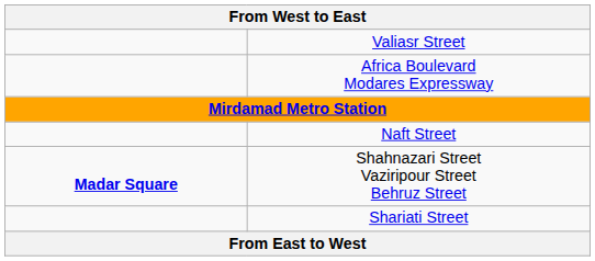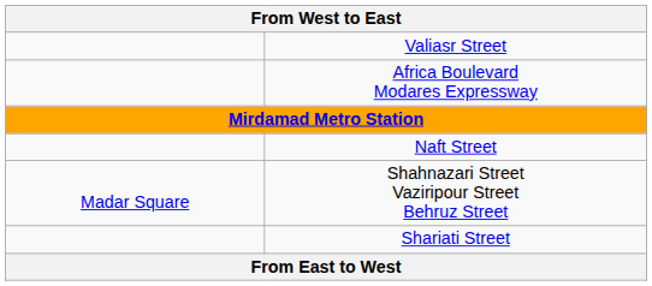 <table class="wikitable" style="text-align:center" width="600px">
 <tr>
 <th text-align="center" colspan="3"> From West to East </th>
 </tr>
 <tr>
 <td></td>
 <td> <a href='#'>Valiasr Street</a></td>
 </tr>
 <tr>
 <td></td>
 <td> <a href='#'>Africa Boulevard</a><br> <a href='#'>Modares Expressway</a></td>
 </tr>
 <tr>
 <td text-align="center" colspan="3" style="background: orange; color: white;"> <strong><a href='#'>Mirdamad Metro Station</a></strong></td>
 </tr>
 <tr>
 <td></td>
 <td> <a href='#'>Naft Street</a></td>
 </tr>
 <tr>
-<td><strong><br><a href='#'>Madar Square</a></strong></td>
+<td><br><a href='#'>Madar Square</a></td>
 <td> Shahnazari Street<br> Vaziripour Street<br> <a href='#'>Behruz Street</a></td>
 </tr>
 <tr>
 <td></td>
 <td> <a href='#'>Shariati Street</a></td>
 </tr>
 <tr>
 <th text-align="center" colspan="3"> From East to West </th>
 </tr>
 </table>
